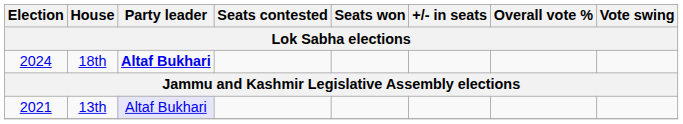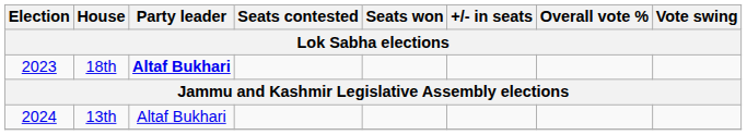 <table class="wikitable" style="text-align:center">
 <tr>
 <th style="background-color:">Election</th>
 <th style="background-color:">House</th>
 <th style="background-color:">Party leader</th>
 <th style="background-color:">Seats contested</th>
 <th style="background-color:">Seats won</th>
 <th style="background-color:">+/- in seats</th>
 <th style="background-color:">Overall vote %</th>
 <th style="background-color:">Vote swing</th>
 </tr>
 <tr>
 <th Colspan="9">Lok Sabha elections</th>
 </tr>
 <tr>
-<td><a href='#'>2024</a></td>
+<td><a href='#'>2023</a></td>
 <td><a href='#'>18th</a></td>
 <td><strong><a href='#'>Altaf Bukhari</a></strong></td>
 <td></td>
 <td></td>
 <td></td>
 <td></td>
 <td></td>
 </tr>
 <tr>
 <th Colspan="9">Jammu and Kashmir Legislative Assembly elections</th>
 </tr>
 <tr>
-<td><a href='#'>2021</a></td>
+<td><a href='#'>2024</a></td>
 <td><a href='#'>13th</a></td>
-<td style="background: lavender;"><a href='#'>Altaf Bukhari</a></td>
+<td><a href='#'>Altaf Bukhari</a></td>
 <td></td>
 <td></td>
 <td></td>
 <td></td>
 <td></td>
 </tr>
 <tr>
 </tr>
 </table>
